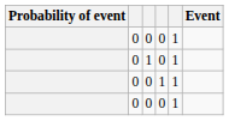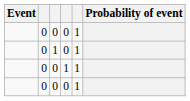 <table class="wikitable">
 <tr>
-<th>Probability of event</th>
+<th>Event</th>
 <th></th>
 <th></th>
 <th></th>
 <th></th>
-<th>Event</th>
+<th>Probability of event</th>
 </tr>
 <tr>
-<th></th>
+<td></td>
 <td>0</td>
 <td>0</td>
 <td>0</td>
 <td>1</td>
-<td></td>
+<th></th>
 </tr>
 <tr>
-<th></th>
+<td></td>
 <td>0</td>
 <td>1</td>
 <td>0</td>
 <td>1</td>
-<td></td>
+<th></th>
 </tr>
 <tr>
-<th></th>
+<td></td>
 <td>0</td>
 <td>0</td>
 <td>1</td>
 <td>1</td>
-<td></td>
+<th></th>
 </tr>
 <tr>
-<th></th>
+<td></td>
 <td>0</td>
 <td>0</td>
 <td>0</td>
 <td>1</td>
-<td></td>
+<th></th>
 </tr>
 </table>
